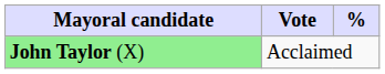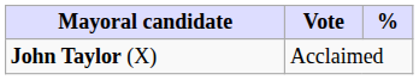 <table class="wikitable">
 <tr>
 <th style="background:#ddf; width:200px;">Mayoral candidate</th>
 <th style="background:#ddf; width:50px;">Vote</th>
 <th style="background:#ddf; width:30px;">%</th>
 </tr>
 <tr>
-<td style="background: lightgreen;"><strong>John Taylor</strong> (X)</td>
+<td><strong>John Taylor</strong> (X)</td>
 <td colspan="2">Acclaimed</td>
 </tr>
 </table>
